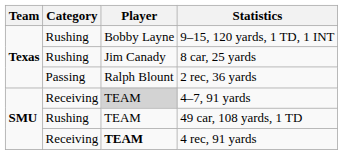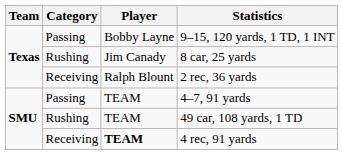 <table class="wikitable" style="float: right;">
 <tr>
 <th>Team</th>
 <th>Category</th>
 <th>Player</th>
 <th>Statistics</th>
 </tr>
 <tr>
 <td rowspan=3><strong>Texas</strong></td>
-<td>Rushing</td>
+<td>Passing</td>
 <td>Bobby Layne</td>
 <td>9–15, 120 yards, 1 TD, 1 INT</td>
 </tr>
 <tr>
 <td>Rushing</td>
 <td>Jim Canady</td>
 <td>8 car, 25 yards</td>
 </tr>
 <tr>
-<td>Passing</td>
+<td>Receiving</td>
 <td>Ralph Blount</td>
 <td>2 rec, 36 yards</td>
 </tr>
 <tr>
 <td rowspan=3><strong>SMU</strong></td>
-<td>Receiving</td>
-<td style="background: lightgrey;">TEAM</td>
+<td>Passing</td>
+<td>TEAM</td>
 <td>4–7, 91 yards</td>
 </tr>
 <tr>
 <td>Rushing</td>
 <td>TEAM</td>
 <td>49 car, 108 yards, 1 TD</td>
 </tr>
 <tr>
 <td>Receiving</td>
 <td><strong>TEAM</strong></td>
 <td>4 rec, 91 yards</td>
 </tr>
 </table>
